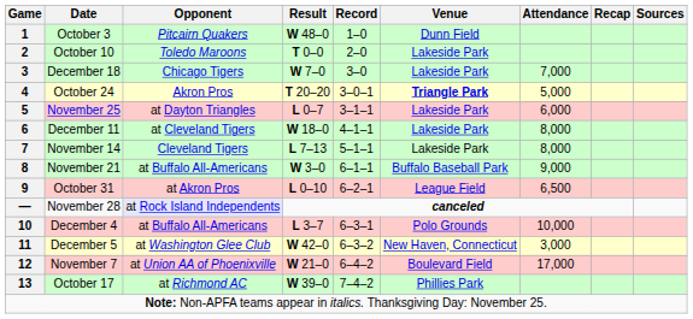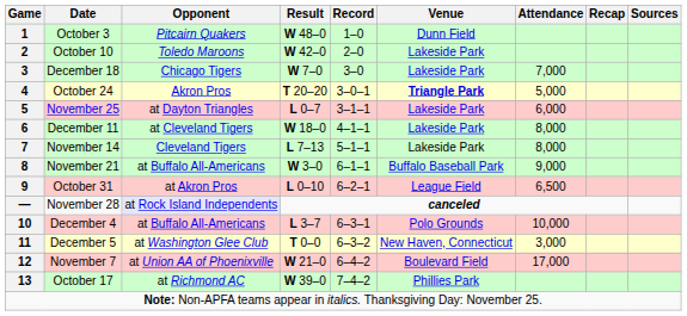 <table class="wikitable" style="text-align:center">
 <tr>
 <th>Game</th>
 <th>Date</th>
 <th>Opponent</th>
 <th>Result</th>
 <th>Record</th>
 <th>Venue</th>
 <th>Attendance</th>
 <th>Recap</th>
 <th>Sources</th>
 </tr>
 <tr style="background:#cfc">
 <th>1</th>
 <td>October 3</td>
 <td><em><a href='#'>Pitcairn Quakers</a></em></td>
 <td><strong>W</strong> 48–0</td>
 <td>1–0</td>
 <td><a href='#'>Dunn Field</a></td>
 <td></td>
 <td></td>
 <td></td>
 </tr>
 <tr style="background:#cfc">
 <th>2</th>
 <td>October 10</td>
 <td><em><a href='#'>Toledo Maroons</a></em></td>
-<td><strong>T</strong> 0–0</td>
+<td><strong>W</strong> 42–0</td>
 <td>2–0</td>
 <td><a href='#'>Lakeside Park</a></td>
 <td></td>
 <td></td>
 <td></td>
 </tr>
 <tr style="background:#cfc">
 <th>3</th>
 <td>December 18</td>
 <td><a href='#'>Chicago Tigers</a></td>
 <td><strong>W</strong> 7–0</td>
 <td>3–0</td>
 <td><a href='#'>Lakeside Park</a></td>
 <td>7,000</td>
 <td></td>
 <td></td>
 </tr>
 <tr style="background:#ffc">
 <th>4</th>
 <td>October 24</td>
 <td><a href='#'>Akron Pros</a></td>
 <td><strong>T</strong> 20–20</td>
 <td>3–0–1</td>
 <td><strong><a href='#'>Triangle Park</a></strong></td>
 <td>5,000</td>
 <td></td>
 <td></td>
 </tr>
 <tr style="background:#fcc">
 <th>5</th>
 <td><a href='#'>November 25</a></td>
 <td>at <a href='#'>Dayton Triangles</a></td>
 <td><strong>L</strong> 0–7</td>
 <td>3–1–1</td>
 <td><a href='#'>Lakeside Park</a></td>
 <td>6,000</td>
 <td></td>
 <td></td>
 </tr>
 <tr style="background:#cfc">
 <th>6</th>
 <td>December 11</td>
 <td>at <a href='#'>Cleveland Tigers</a></td>
 <td><strong>W</strong> 18–0</td>
 <td>4–1–1</td>
 <td><a href='#'>Lakeside Park</a></td>
 <td>8,000</td>
 <td></td>
 <td></td>
 </tr>
 <tr style="background:#cfc">
 <th>7</th>
 <td>November 14</td>
 <td><a href='#'>Cleveland Tigers</a></td>
 <td><strong>L</strong> 7–13</td>
 <td>5–1–1</td>
 <td>Lakeside Park</td>
 <td>8,000</td>
 <td></td>
 <td></td>
 </tr>
 <tr style="background:#cfc">
 <th>8</th>
 <td>November 21</td>
 <td>at <a href='#'>Buffalo All-Americans</a></td>
 <td><strong>W</strong> 3–0</td>
 <td>6–1–1</td>
 <td><a href='#'>Buffalo Baseball Park</a></td>
 <td>9,000</td>
 <td></td>
 <td></td>
 </tr>
 <tr style="background:#fcc">
 <th>9</th>
 <td>October 31</td>
 <td>at <a href='#'>Akron Pros</a></td>
 <td><strong>L</strong> 0–10</td>
 <td>6–2–1</td>
 <td><a href='#'>League Field</a></td>
 <td>6,500</td>
 <td></td>
 <td></td>
 </tr>
 <tr>
 <th>—</th>
 <td>November 28</td>
 <td style="background: lavender;">at <a href='#'>Rock Island Independents</a></td>
 <td colspan="5"><strong><em>canceled</em></strong></td>
 <td></td>
 </tr>
 <tr style="background:#fcc">
 <th>10</th>
 <td>December 4</td>
 <td>at <a href='#'>Buffalo All-Americans</a></td>
 <td><strong>L</strong> 3–7</td>
 <td>6–3–1</td>
 <td><a href='#'>Polo Grounds</a></td>
 <td>10,000</td>
 <td></td>
 <td></td>
 </tr>
 <tr style="background:#ffc">
 <th>11</th>
 <td>December 5</td>
 <td>at <em><a href='#'>Washington Glee Club</a></em></td>
-<td><strong>W</strong> 42–0</td>
+<td><strong>T</strong> 0–0</td>
 <td>6–3–2</td>
 <td><a href='#'>New Haven, Connecticut</a></td>
 <td>3,000</td>
 <td></td>
 <td></td>
 </tr>
 <tr style="background:#fcc">
 <th>12</th>
 <td>November 7</td>
 <td>at <em><a href='#'>Union AA of Phoenixville</a></em></td>
 <td><strong>W</strong> 21–0</td>
 <td>6–4–2</td>
 <td><a href='#'>Boulevard Field</a></td>
 <td>17,000</td>
 <td></td>
 <td></td>
 </tr>
 <tr style="background:#cfc">
 <th>13</th>
 <td>October 17</td>
 <td>at <em><a href='#'>Richmond AC</a></em></td>
 <td><strong>W</strong> 39–0</td>
 <td>7–4–2</td>
 <td><a href='#'>Phillies Park</a></td>
 <td></td>
 <td></td>
 <td></td>
 </tr>
 <tr>
 <td colspan="10"><strong>Note:</strong> Non-APFA teams appear in <em>italics.</em> Thanksgiving Day: November 25.</td>
 </tr>
 </table>
